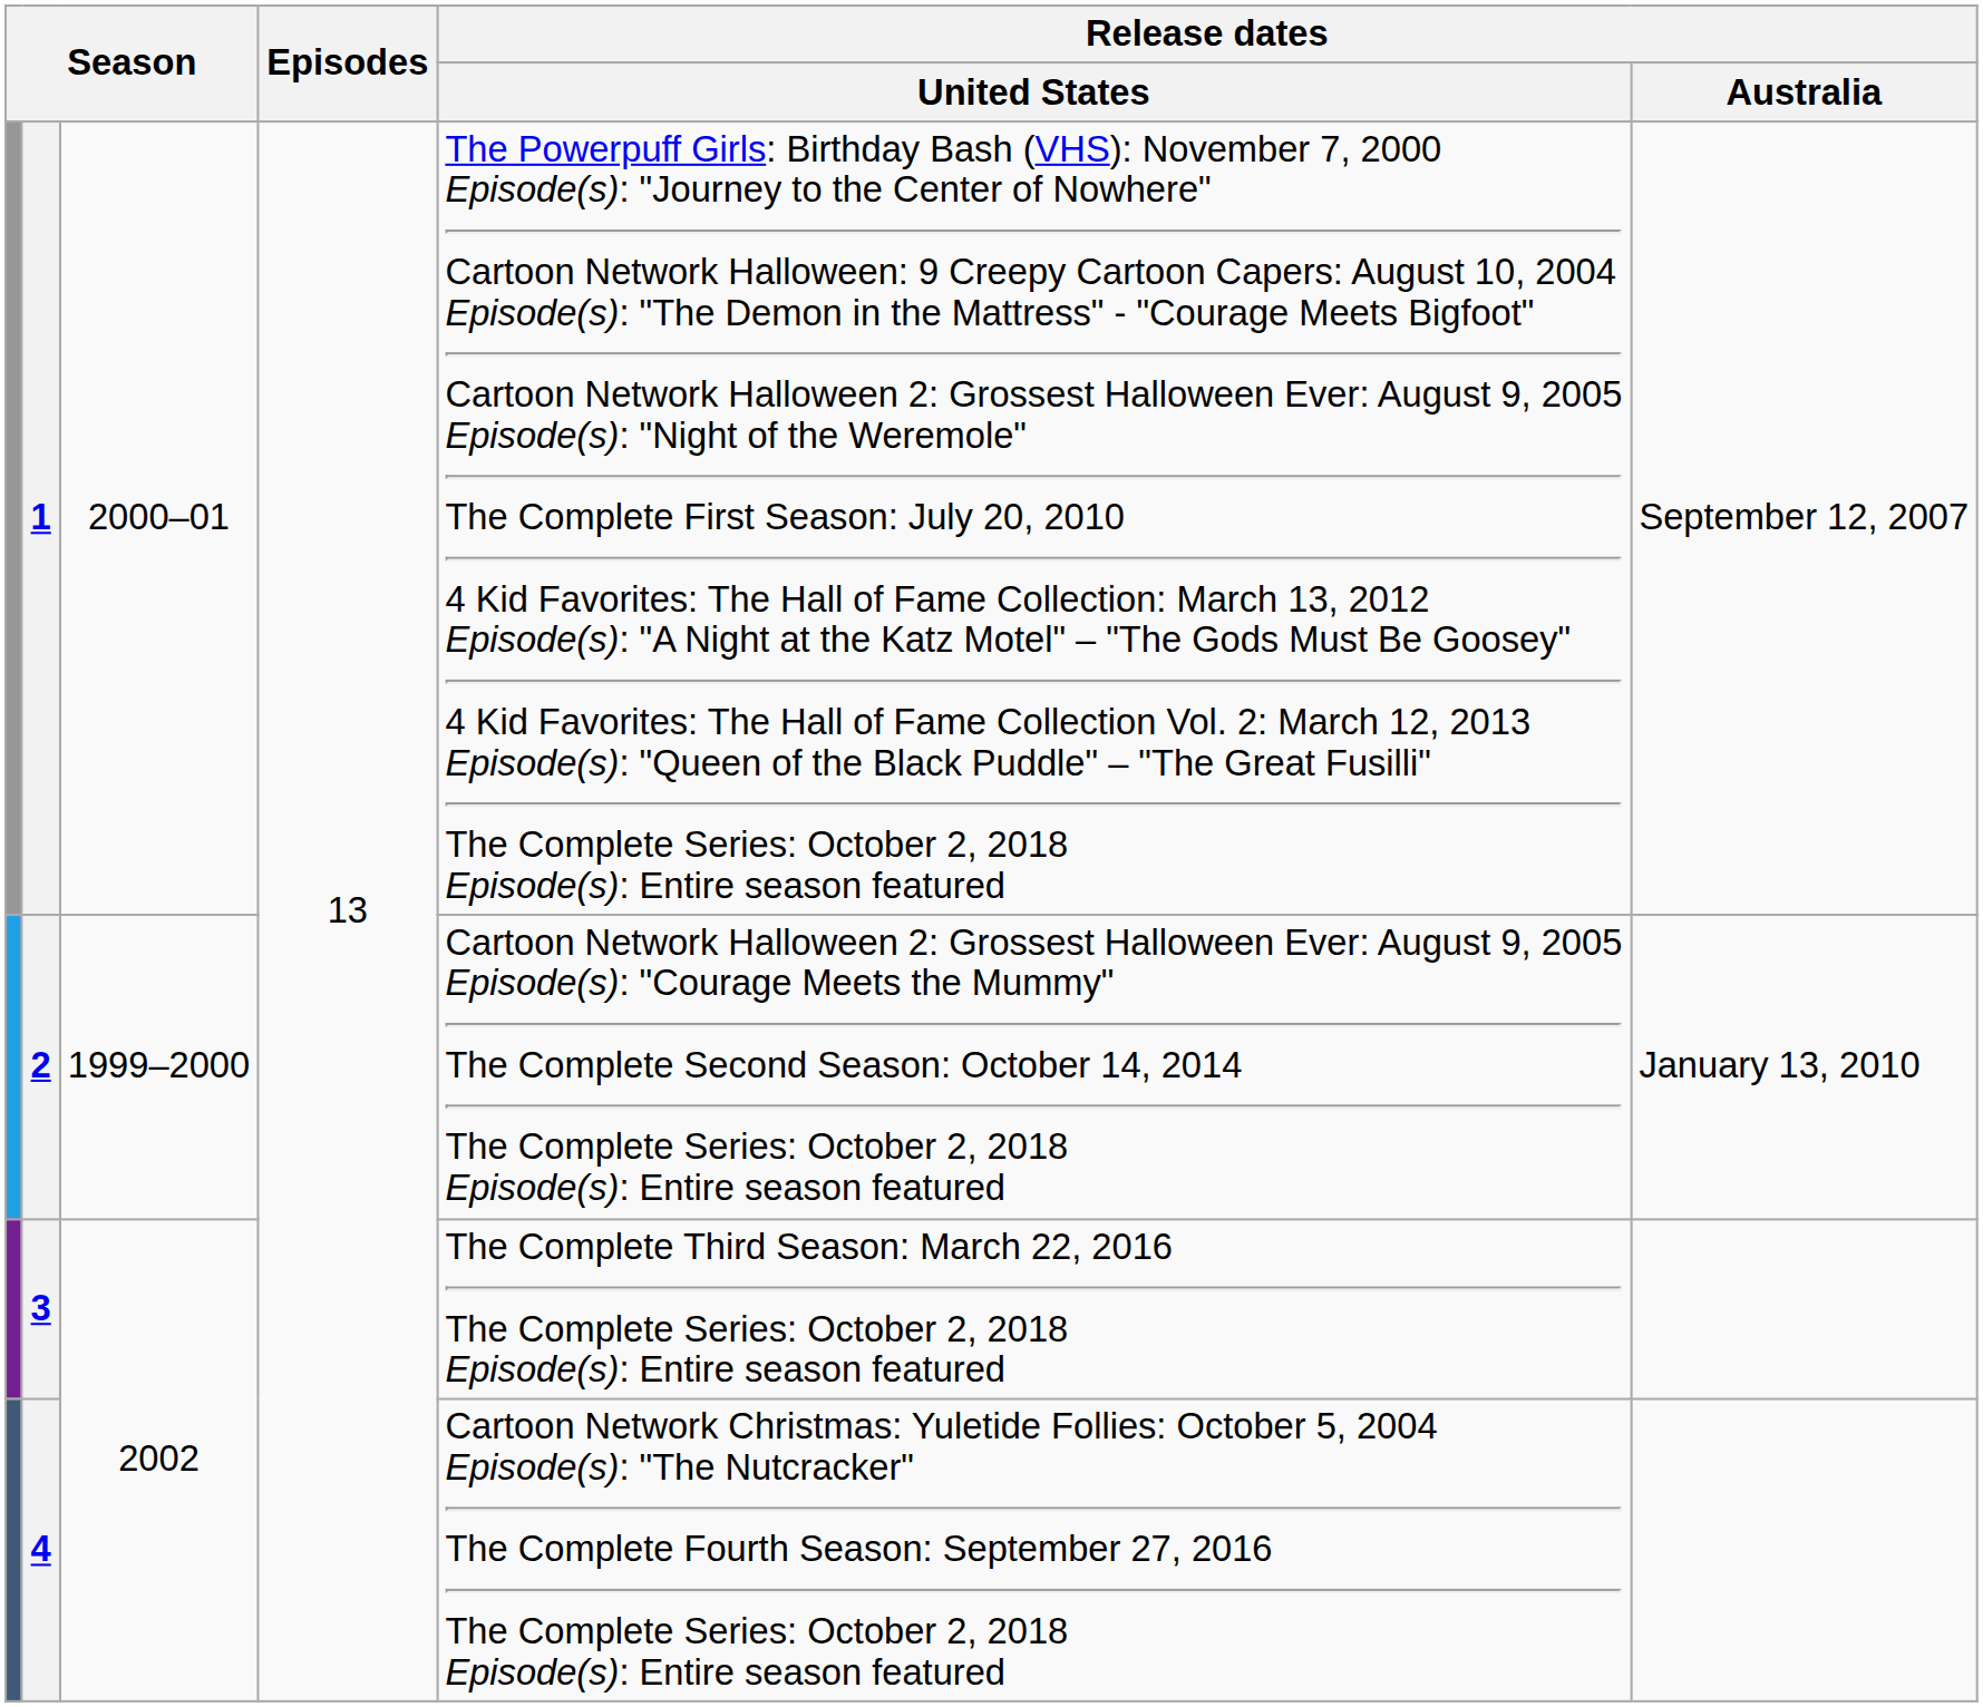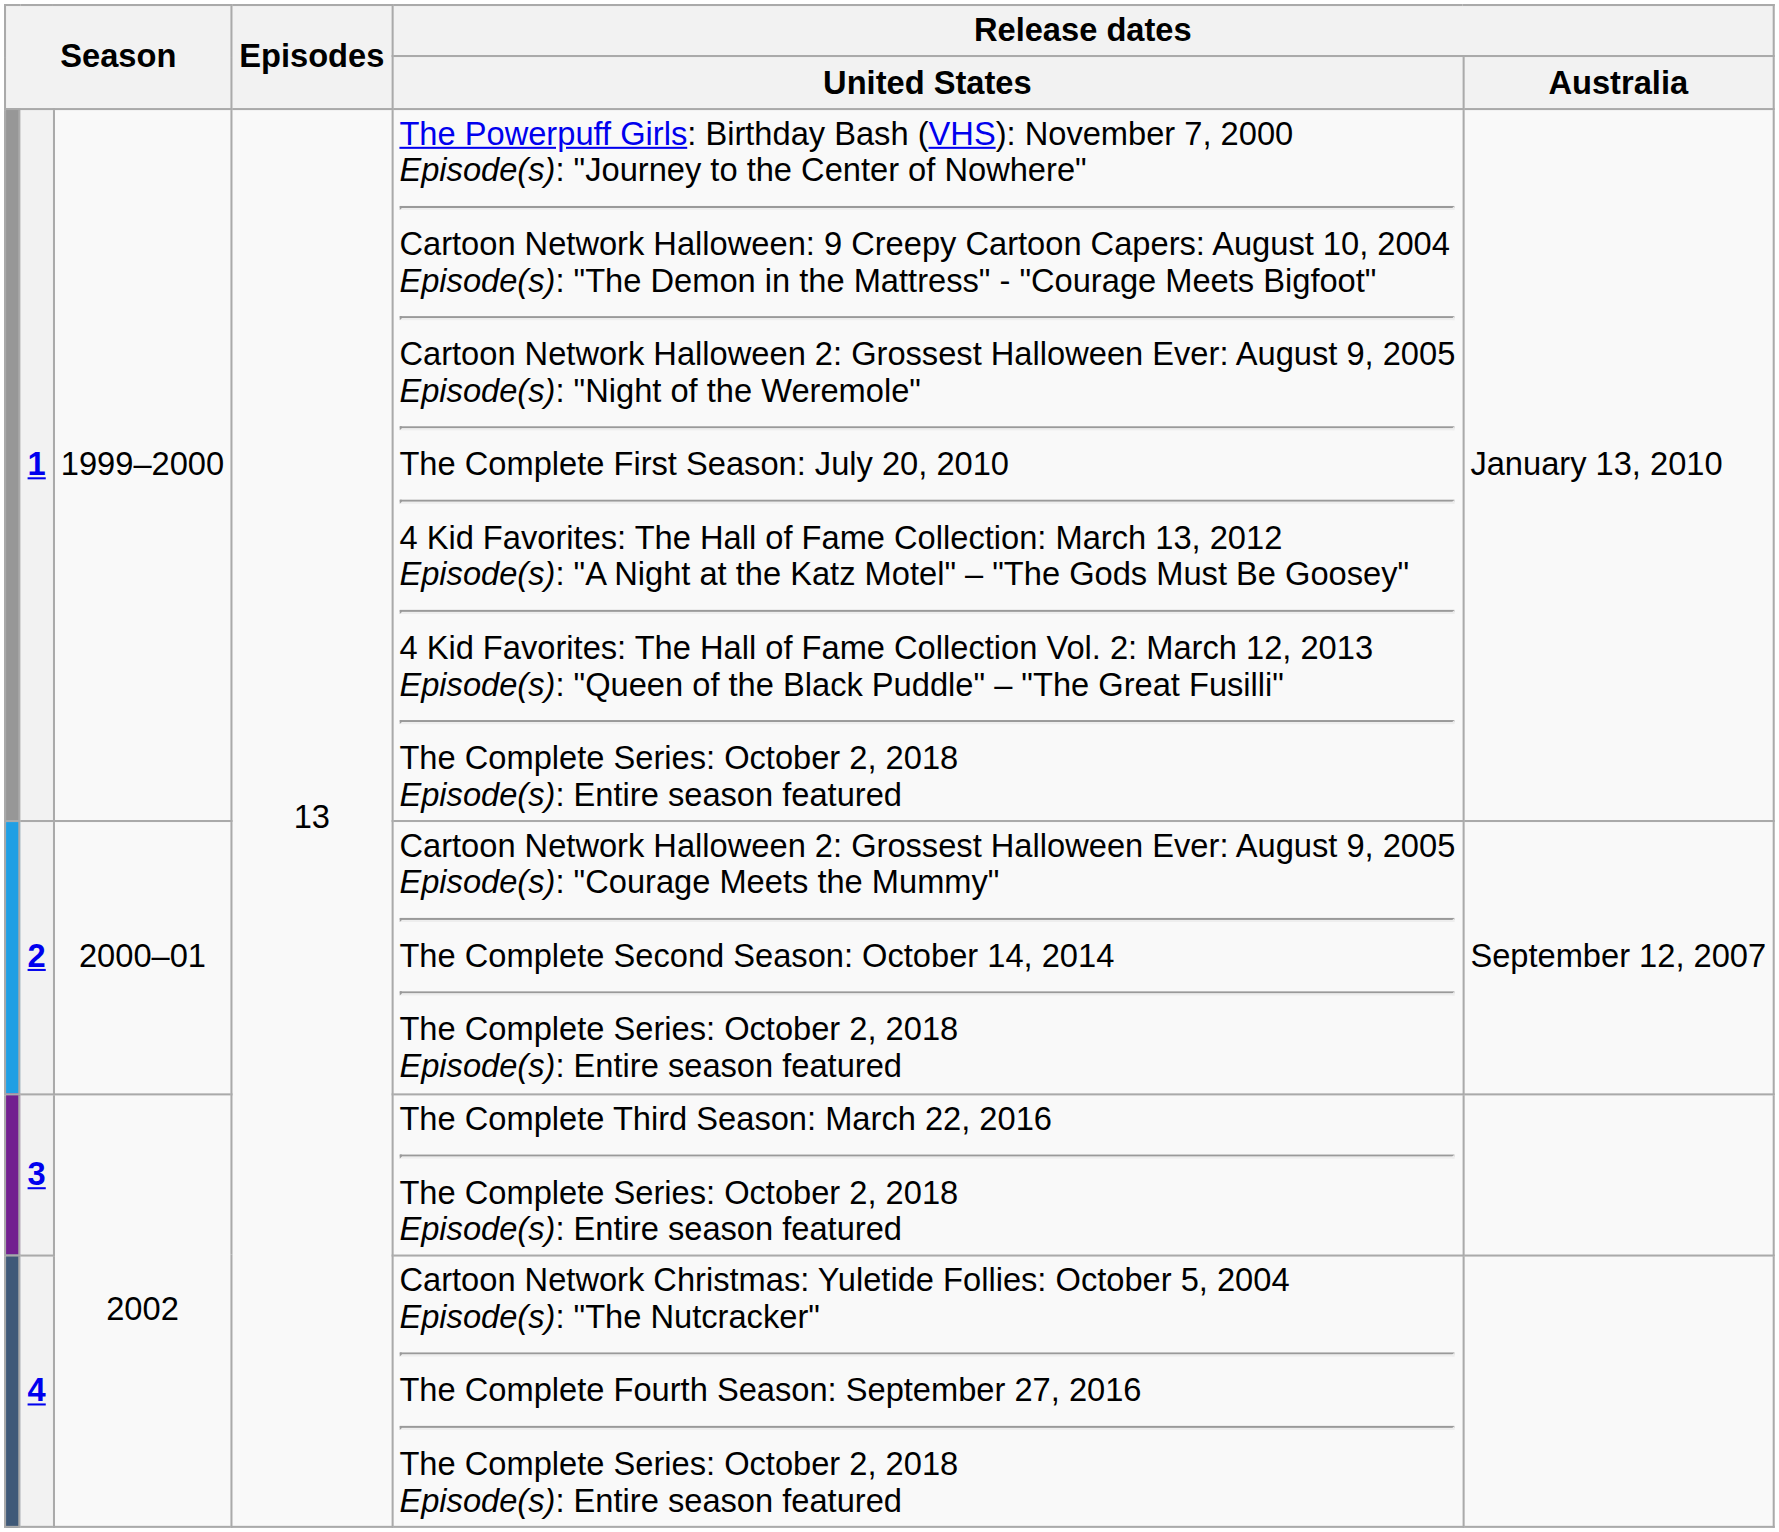 <table class="wikitable">
 <tr>
 <th colspan=3 rowspan=2>Season</th>
 <th rowspan=2>Episodes</th>
 <th colspan=2>Release dates</th>
 </tr>
 <tr>
 <th>United States</th>
 <th>Australia</th>
 </tr>
 <tr>
 <th style="background:#979797"></th>
 <th><a href='#'>1</a></th>
-<td style="text-align: center">2000–01</td>
+<td style="text-align: center">1999–2000</td>
 <td rowspan=4 style="text-align: center">13</td>
 <td><a href='#'>The Powerpuff Girls</a>: Birthday Bash (<a href='#'>VHS</a>): November 7, 2000<br><em>Episode(s)</em>: "Journey to the Center of Nowhere"<hr>Cartoon Network Halloween: 9 Creepy Cartoon Capers: August 10, 2004<br><em>Episode(s)</em>: "The Demon in the Mattress" - "Courage Meets Bigfoot"<hr>Cartoon Network Halloween 2: Grossest Halloween Ever: August 9, 2005<br><em>Episode(s)</em>: "Night of the Weremole"<hr>The Complete First Season: July 20, 2010<hr>4 Kid Favorites: The Hall of Fame Collection: March 13, 2012<br><em>Episode(s)</em>: "A Night at the Katz Motel" – "The Gods Must Be Goosey"<hr>4 Kid Favorites: The Hall of Fame Collection Vol. 2: March 12, 2013<br><em>Episode(s)</em>: "Queen of the Black Puddle" – "The Great Fusilli"<hr>The Complete Series: October 2, 2018<br><em>Episode(s)</em>: Entire season featured</td>
-<td>September 12, 2007</td>
+<td>January 13, 2010</td>
 </tr>
 <tr>
 <th style="background:#209FE4"></th>
 <th><a href='#'>2</a></th>
-<td style="text-align: center">1999–2000</td>
+<td style="text-align: center">2000–01</td>
 <td>Cartoon Network Halloween 2: Grossest Halloween Ever: August 9, 2005<br><em>Episode(s)</em>: "Courage Meets the Mummy"<hr>The Complete Second Season: October 14, 2014<hr>The Complete Series: October 2, 2018<br><em>Episode(s)</em>: Entire season featured</td>
-<td>January 13, 2010</td>
+<td>September 12, 2007</td>
 </tr>
 <tr>
 <th style="background:#72208f"></th>
 <th><a href='#'>3</a></th>
 <td rowspan=2 style="text-align: center">2002</td>
 <td>The Complete Third Season: March 22, 2016<hr>The Complete Series: October 2, 2018<br><em>Episode(s)</em>: Entire season featured</td>
 <td></td>
 </tr>
 <tr>
 <th style="background:#3F5978"></th>
 <th><a href='#'>4</a></th>
 <td>Cartoon Network Christmas: Yuletide Follies: October 5, 2004<br><em>Episode(s)</em>: "The Nutcracker"<hr>The Complete Fourth Season: September 27, 2016<hr>The Complete Series: October 2, 2018<br><em>Episode(s)</em>: Entire season featured</td>
 <td></td>
 </tr>
 </table>
